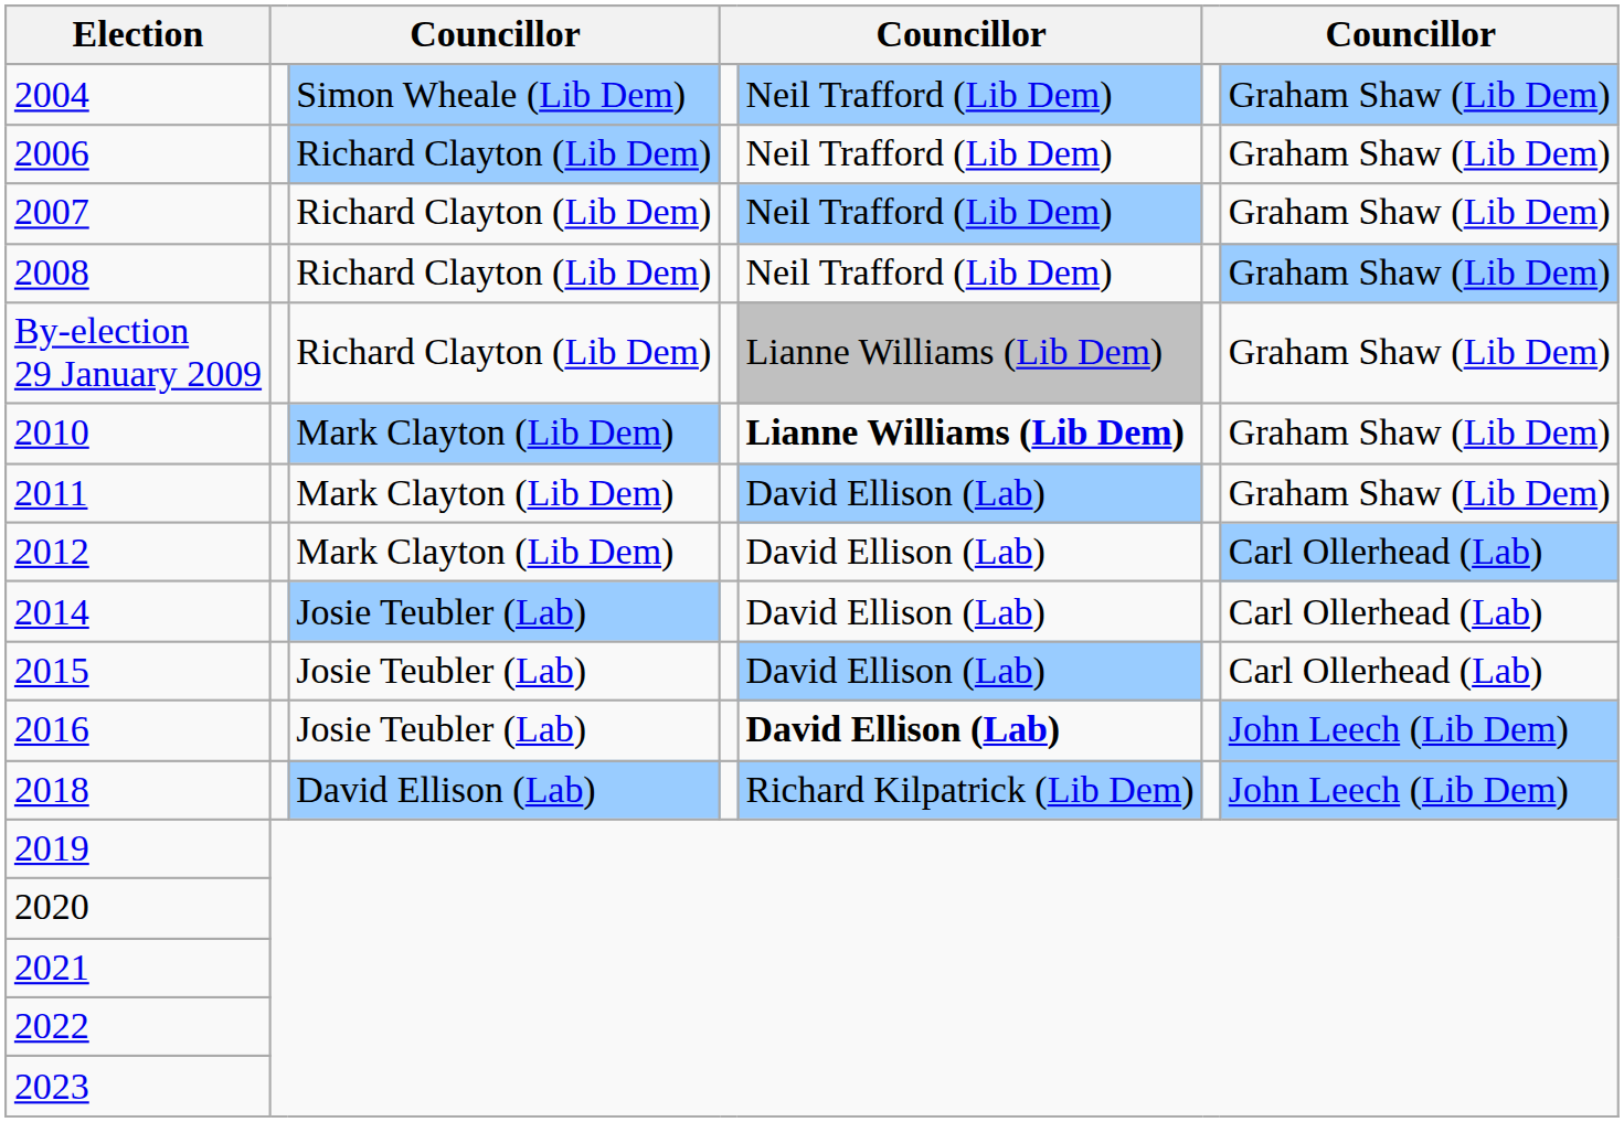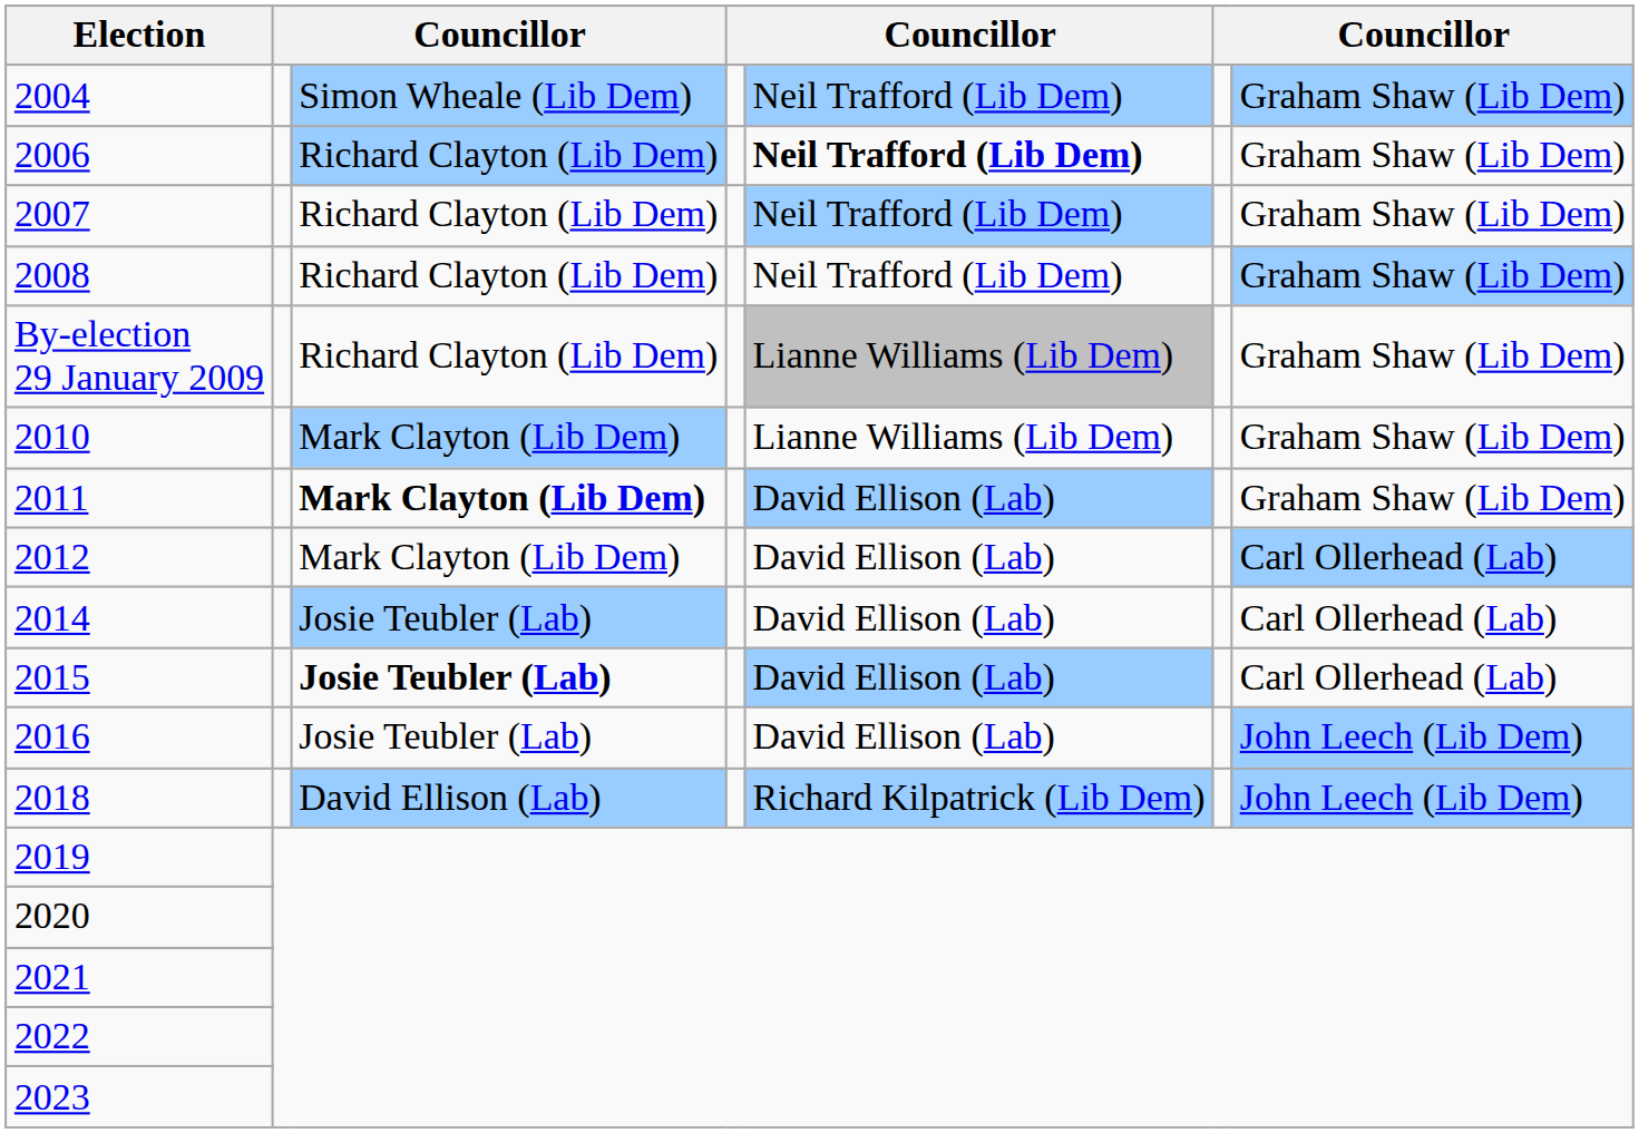 <table class="wikitable">
 <tr>
 <th>Election</th>
 <th colspan="2">Councillor</th>
 <th colspan="2">Councillor</th>
 <th colspan="2">Councillor</th>
 </tr>
 <tr>
 <td><a href='#'>2004</a></td>
 <td style="background-color: "></td>
 <td bgcolor="#99CCFF">Simon Wheale (<a href='#'>Lib Dem</a>)</td>
 <td style="background-color: "></td>
 <td bgcolor="#99CCFF">Neil Trafford (<a href='#'>Lib Dem</a>)</td>
 <td style="background-color: "></td>
 <td bgcolor="#99CCFF">Graham Shaw (<a href='#'>Lib Dem</a>)</td>
 </tr>
 <tr>
 <td><a href='#'>2006</a></td>
 <td style="background-color: "></td>
 <td bgcolor="#99CCFF">Richard Clayton (<a href='#'>Lib Dem</a>)</td>
 <td style="background-color: "></td>
-<td>Neil Trafford (<a href='#'>Lib Dem</a>)</td>
+<td><strong>Neil Trafford (<a href='#'>Lib Dem</a>)</strong></td>
 <td style="background-color: "></td>
 <td>Graham Shaw (<a href='#'>Lib Dem</a>)</td>
 </tr>
 <tr>
 <td><a href='#'>2007</a></td>
 <td style="background-color: "></td>
 <td>Richard Clayton (<a href='#'>Lib Dem</a>)</td>
 <td style="background-color: "></td>
 <td bgcolor="#99CCFF">Neil Trafford (<a href='#'>Lib Dem</a>)</td>
 <td style="background-color: "></td>
 <td>Graham Shaw (<a href='#'>Lib Dem</a>)</td>
 </tr>
 <tr>
 <td><a href='#'>2008</a></td>
 <td style="background-color: "></td>
 <td>Richard Clayton (<a href='#'>Lib Dem</a>)</td>
 <td style="background-color: "></td>
 <td>Neil Trafford (<a href='#'>Lib Dem</a>)</td>
 <td style="background-color: "></td>
 <td bgcolor="#99CCFF">Graham Shaw (<a href='#'>Lib Dem</a>)</td>
 </tr>
 <tr>
 <td><a href='#'>By-election<br>29 January 2009</a></td>
 <td style="background-color: "></td>
 <td>Richard Clayton (<a href='#'>Lib Dem</a>)</td>
 <td style="background-color: "></td>
 <td bgcolor="#C0C0C0">Lianne Williams (<a href='#'>Lib Dem</a>)</td>
 <td style="background-color: "></td>
 <td>Graham Shaw (<a href='#'>Lib Dem</a>)</td>
 </tr>
 <tr>
 <td><a href='#'>2010</a></td>
 <td style="background-color: "></td>
 <td bgcolor="#99CCFF">Mark Clayton (<a href='#'>Lib Dem</a>)</td>
 <td style="background-color: "></td>
-<td><strong>Lianne Williams (<a href='#'>Lib Dem</a>)</strong></td>
+<td>Lianne Williams (<a href='#'>Lib Dem</a>)</td>
 <td style="background-color: "></td>
 <td>Graham Shaw (<a href='#'>Lib Dem</a>)</td>
 </tr>
 <tr>
 <td><a href='#'>2011</a></td>
 <td style="background-color: "></td>
-<td>Mark Clayton (<a href='#'>Lib Dem</a>)</td>
+<td><strong>Mark Clayton (<a href='#'>Lib Dem</a>)</strong></td>
 <td style="background-color: "></td>
 <td bgcolor="#99CCFF">David Ellison (<a href='#'>Lab</a>)</td>
 <td style="background-color: "></td>
 <td>Graham Shaw (<a href='#'>Lib Dem</a>)</td>
 </tr>
 <tr>
 <td><a href='#'>2012</a></td>
 <td style="background-color: "></td>
 <td>Mark Clayton (<a href='#'>Lib Dem</a>)</td>
 <td style="background-color: "></td>
 <td>David Ellison (<a href='#'>Lab</a>)</td>
 <td style="background-color: "></td>
 <td bgcolor="#99CCFF">Carl Ollerhead (<a href='#'>Lab</a>)</td>
 </tr>
 <tr>
 <td><a href='#'>2014</a></td>
 <td style="background-color: "></td>
 <td bgcolor="#99CCFF">Josie Teubler (<a href='#'>Lab</a>)</td>
 <td style="background-color: "></td>
 <td>David Ellison (<a href='#'>Lab</a>)</td>
 <td style="background-color: "></td>
 <td>Carl Ollerhead (<a href='#'>Lab</a>)</td>
 </tr>
 <tr>
 <td><a href='#'>2015</a></td>
 <td style="background-color: "></td>
-<td>Josie Teubler (<a href='#'>Lab</a>)</td>
+<td><strong>Josie Teubler (<a href='#'>Lab</a>)</strong></td>
 <td style="background-color: "></td>
 <td bgcolor="#99CCFF">David Ellison (<a href='#'>Lab</a>)</td>
 <td style="background-color: "></td>
 <td>Carl Ollerhead (<a href='#'>Lab</a>)</td>
 </tr>
 <tr>
 <td><a href='#'>2016</a></td>
 <td style="background-color: "></td>
 <td>Josie Teubler (<a href='#'>Lab</a>)</td>
 <td style="background-color: "></td>
-<td><strong>David Ellison (<a href='#'>Lab</a>)</strong></td>
+<td>David Ellison (<a href='#'>Lab</a>)</td>
 <td style="background-color: "></td>
 <td bgcolor="#99CCFF"><a href='#'>John Leech</a> (<a href='#'>Lib Dem</a>)</td>
 </tr>
 <tr>
 <td><a href='#'>2018</a></td>
 <td style="background-color: "></td>
 <td bgcolor="#99CCFF">David Ellison (<a href='#'>Lab</a>)</td>
 <td style="background-color: "></td>
 <td bgcolor="#99CCFF">Richard Kilpatrick (<a href='#'>Lib Dem</a>)</td>
 <td style="background-color: "></td>
 <td bgcolor="#99CCFF"><a href='#'>John Leech</a> (<a href='#'>Lib Dem</a>)</td>
 </tr>
 <tr>
 <td><a href='#'>2019</a><br>  </td>
 </tr>
 <tr>
 <td>2020<br>  </td>
 </tr>
 <tr>
 <td><a href='#'>2021</a><br>  </td>
 </tr>
 <tr>
 <td><a href='#'>2022</a><br>  </td>
 </tr>
 <tr>
 <td><a href='#'>2023</a><br>  </td>
 </tr>
 </table>
